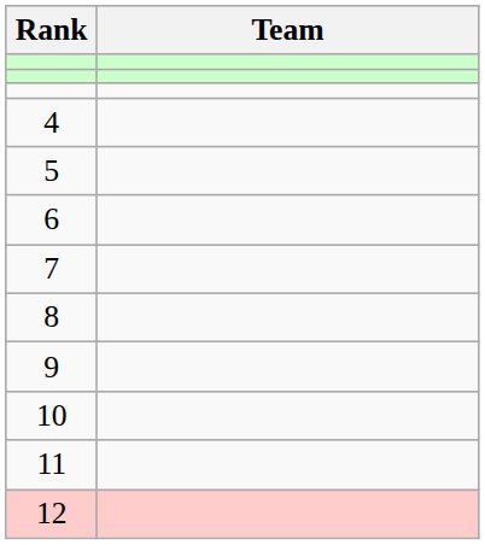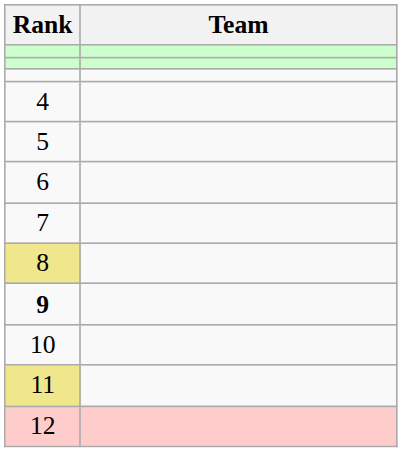 <table class="wikitable" style="text-align: center;">
 <tr>
 <th width="40">Rank</th>
 <th width="190">Team</th>
 </tr>
 <tr bgcolor="ccffcc">
 <td></td>
 <td align="left"></td>
 </tr>
 <tr bgcolor="ccffcc">
 <td></td>
 <td align="left"></td>
 </tr>
 <tr>
 <td></td>
 <td align="left"></td>
 </tr>
 <tr>
 <td>4</td>
 <td align="left"></td>
 </tr>
 <tr>
 <td>5</td>
 <td align="left"></td>
 </tr>
 <tr>
 <td>6</td>
 <td align="left"></td>
 </tr>
 <tr>
 <td>7</td>
 <td align="left"></td>
 </tr>
 <tr>
-<td>8</td>
+<td style="background: khaki;">8</td>
 <td align="left"></td>
 </tr>
 <tr>
-<td>9</td>
+<td><strong>9</strong></td>
 <td align="left"></td>
 </tr>
 <tr>
 <td>10</td>
 <td align="left"></td>
 </tr>
 <tr>
-<td>11</td>
+<td style="background: khaki;">11</td>
 <td align="left"></td>
 </tr>
 <tr bgcolor="ffcccc">
 <td>12</td>
 <td align="left"></td>
 </tr>
 </table>
